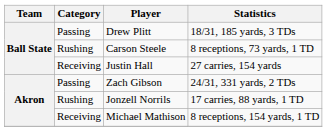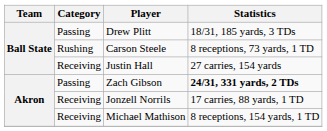 <table class="wikitable" style="float: left;">
 <tr>
 <th>Team</th>
 <th>Category</th>
 <th>Player</th>
 <th>Statistics</th>
 </tr>
 <tr>
 <th rowspan=3>Ball State</th>
 <td>Passing</td>
 <td>Drew Plitt</td>
 <td>18/31, 185 yards, 3 TDs</td>
 </tr>
 <tr>
 <td>Rushing</td>
 <td>Carson Steele</td>
 <td>8 receptions, 73 yards, 1 TD</td>
 </tr>
 <tr>
 <td>Receiving</td>
 <td>Justin Hall</td>
 <td>27 carries, 154 yards</td>
 </tr>
 <tr>
 <th rowspan=3 style=>Akron</th>
 <td>Passing</td>
 <td>Zach Gibson</td>
-<td>24/31, 331 yards, 2 TDs</td>
+<td><strong>24/31, 331 yards, 2 TDs</strong></td>
 </tr>
 <tr>
-<td>Rushing</td>
+<td>Receiving</td>
 <td>Jonzell Norrils</td>
 <td>17 carries, 88 yards, 1 TD</td>
 </tr>
 <tr>
 <td>Receiving</td>
 <td>Michael Mathison</td>
 <td>8 receptions, 154 yards, 1 TD</td>
 </tr>
 <tr>
 </tr>
 </table>
